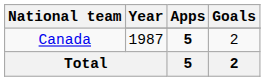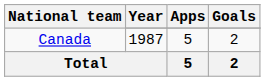 <table class=wikitable style=text-align:center>
 <tr>
 <th>National team</th>
 <th>Year</th>
 <th>Apps</th>
 <th>Goals</th>
 </tr>
 <tr>
 <td rowspan=2><a href='#'>Canada</a></td>
 </tr>
 <tr>
 <td>1987</td>
-<td><strong>5</strong></td>
+<td>5</td>
 <td>2</td>
 </tr>
 <tr>
 <th colspan=2>Total</th>
 <th>5</th>
 <th>2</th>
 </tr>
 </table>
